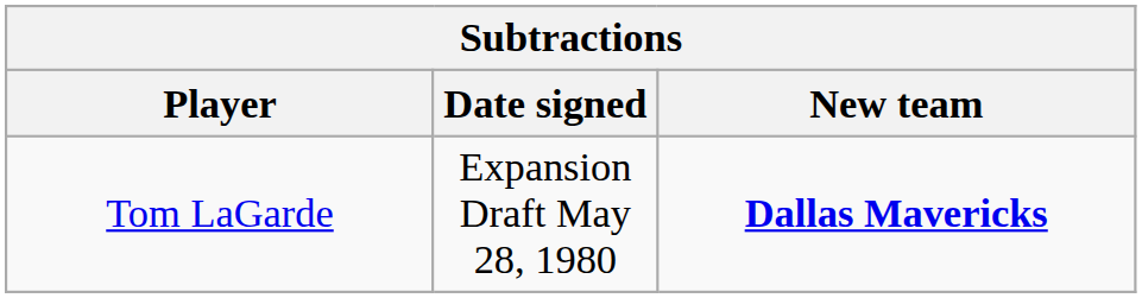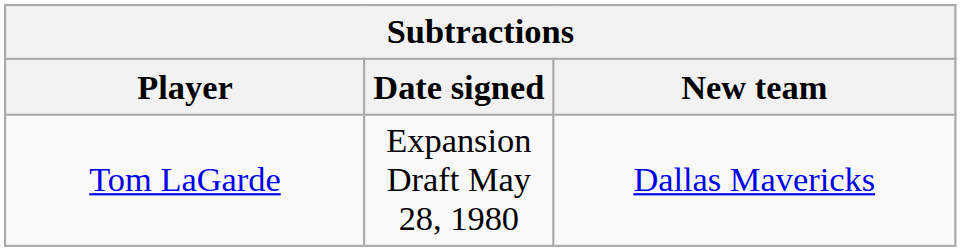 <table class="wikitable" style="text-align:center">
 <tr>
 <th colspan=3>Subtractions</th>
 </tr>
 <tr>
 <th style="width:160px">Player</th>
 <th style="width:80px">Date signed</th>
 <th style="width:180px">New team</th>
 </tr>
 <tr>
 <td><a href='#'>Tom LaGarde</a></td>
 <td>Expansion Draft May 28, 1980</td>
-<td><strong><a href='#'>Dallas Mavericks</a></strong></td>
+<td><a href='#'>Dallas Mavericks</a></td>
 </tr>
 </table>
